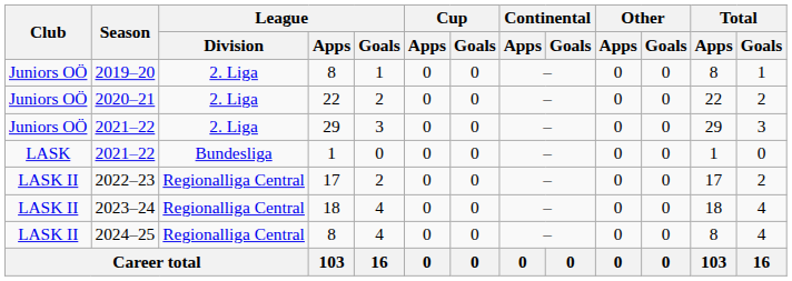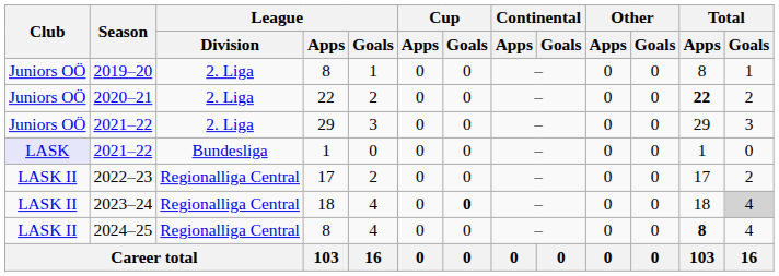 <table class="wikitable" style="text-align: center">
 <tr>
 <th rowspan="2">Club</th>
 <th rowspan="2">Season</th>
 <th colspan="3">League</th>
 <th colspan="2">Cup</th>
 <th colspan="2">Continental</th>
 <th colspan="2">Other</th>
 <th colspan="2">Total</th>
 </tr>
 <tr>
 <th>Division</th>
 <th>Apps</th>
 <th>Goals</th>
 <th>Apps</th>
 <th>Goals</th>
 <th>Apps</th>
 <th>Goals</th>
 <th>Apps</th>
 <th>Goals</th>
 <th>Apps</th>
 <th>Goals</th>
 </tr>
 <tr>
 <td><a href='#'>Juniors OÖ</a></td>
 <td><a href='#'>2019–20</a></td>
 <td><a href='#'>2. Liga</a></td>
 <td>8</td>
 <td>1</td>
 <td>0</td>
 <td>0</td>
 <td colspan="2">–</td>
 <td>0</td>
 <td>0</td>
 <td>8</td>
 <td>1</td>
 </tr>
 <tr>
 <td><a href='#'>Juniors OÖ</a></td>
 <td><a href='#'>2020–21</a></td>
 <td><a href='#'>2. Liga</a></td>
 <td>22</td>
 <td>2</td>
 <td>0</td>
 <td>0</td>
 <td colspan="2">–</td>
 <td>0</td>
 <td>0</td>
-<td>22</td>
+<td><strong>22</strong></td>
 <td>2</td>
 </tr>
 <tr>
 <td><a href='#'>Juniors OÖ</a></td>
 <td><a href='#'>2021–22</a></td>
 <td><a href='#'>2. Liga</a></td>
 <td>29</td>
 <td>3</td>
 <td>0</td>
 <td>0</td>
 <td colspan="2">–</td>
 <td>0</td>
 <td>0</td>
 <td>29</td>
 <td>3</td>
 </tr>
 <tr>
-<td><a href='#'>LASK</a></td>
+<td style="background: lavender;"><a href='#'>LASK</a></td>
 <td><a href='#'>2021–22</a></td>
 <td><a href='#'>Bundesliga</a></td>
 <td>1</td>
 <td>0</td>
 <td>0</td>
 <td>0</td>
 <td colspan="2">–</td>
 <td>0</td>
 <td>0</td>
 <td>1</td>
 <td>0</td>
 </tr>
 <tr>
 <td><a href='#'>LASK II</a></td>
 <td>2022–23</td>
 <td><a href='#'>Regionalliga Central</a></td>
 <td>17</td>
 <td>2</td>
 <td>0</td>
 <td>0</td>
 <td colspan="2">–</td>
 <td>0</td>
 <td>0</td>
 <td>17</td>
 <td>2</td>
 </tr>
 <tr>
 <td><a href='#'>LASK II</a></td>
 <td>2023–24</td>
 <td><a href='#'>Regionalliga Central</a></td>
 <td>18</td>
 <td>4</td>
 <td>0</td>
-<td>0</td>
+<td><strong>0</strong></td>
 <td colspan="2">–</td>
 <td>0</td>
 <td>0</td>
 <td>18</td>
-<td>4</td>
+<td style="background: lightgrey;">4</td>
 </tr>
 <tr>
 <td><a href='#'>LASK II</a></td>
 <td>2024–25</td>
 <td><a href='#'>Regionalliga Central</a></td>
 <td>8</td>
 <td>4</td>
 <td>0</td>
 <td>0</td>
 <td colspan="2">–</td>
 <td>0</td>
 <td>0</td>
-<td>8</td>
+<td><strong>8</strong></td>
 <td>4</td>
 </tr>
 <tr>
 <th colspan=3>Career total</th>
 <th>103</th>
 <th>16</th>
 <th>0</th>
 <th>0</th>
 <th>0</th>
 <th>0</th>
 <th>0</th>
 <th>0</th>
 <th>103</th>
 <th>16</th>
 </tr>
 </table>
